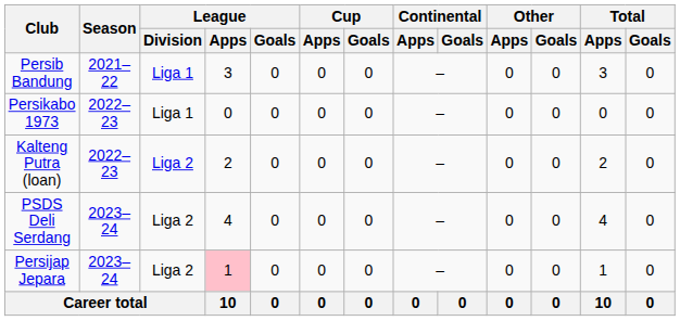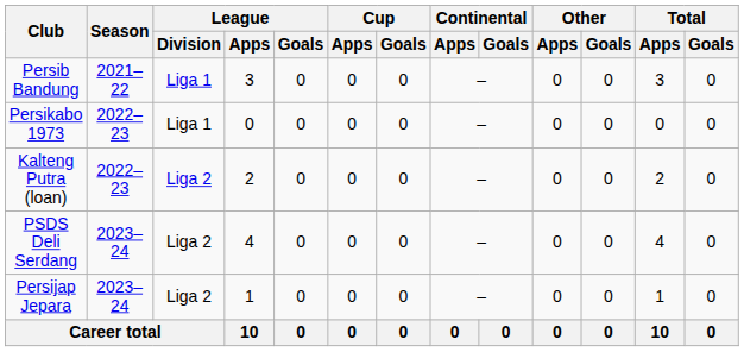 <table class="wikitable" style="text-align: center">
 <tr>
 <th rowspan="2">Club</th>
 <th rowspan="2">Season</th>
 <th colspan="3">League</th>
 <th colspan="2">Cup</th>
 <th colspan="2">Continental</th>
 <th colspan="2">Other</th>
 <th colspan="2">Total</th>
 </tr>
 <tr>
 <th>Division</th>
 <th>Apps</th>
 <th>Goals</th>
 <th>Apps</th>
 <th>Goals</th>
 <th>Apps</th>
 <th>Goals</th>
 <th>Apps</th>
 <th>Goals</th>
 <th>Apps</th>
 <th>Goals</th>
 </tr>
 <tr>
 <td rowspan="1"><a href='#'>Persib Bandung</a></td>
 <td><a href='#'>2021–22</a></td>
 <td rowspan="1" valign="center"><a href='#'>Liga 1</a></td>
 <td>3</td>
 <td>0</td>
 <td>0</td>
 <td>0</td>
 <td colspan="2">–</td>
 <td>0</td>
 <td>0</td>
 <td>3</td>
 <td>0</td>
 </tr>
 <tr>
 <td rowspan="1"><a href='#'>Persikabo 1973</a></td>
 <td><a href='#'>2022–23</a></td>
 <td rowspan="1">Liga 1</td>
 <td>0</td>
 <td>0</td>
 <td>0</td>
 <td>0</td>
 <td colspan="2">–</td>
 <td>0</td>
 <td>0</td>
 <td>0</td>
 <td>0</td>
 </tr>
 <tr>
 <td rowspan="1"><a href='#'>Kalteng Putra</a> (loan)</td>
 <td><a href='#'>2022–23</a></td>
 <td rowspan="1" valign="center"><a href='#'>Liga 2</a></td>
 <td>2</td>
 <td>0</td>
 <td>0</td>
 <td>0</td>
 <td colspan="2">–</td>
 <td>0</td>
 <td>0</td>
 <td>2</td>
 <td>0</td>
 </tr>
 <tr>
 <td rowspan="1"><a href='#'>PSDS Deli Serdang</a></td>
 <td><a href='#'>2023–24</a></td>
 <td rowspan="1" valign="center">Liga 2</td>
 <td>4</td>
 <td>0</td>
 <td>0</td>
 <td>0</td>
 <td colspan="2">–</td>
 <td>0</td>
 <td>0</td>
 <td>4</td>
 <td>0</td>
 </tr>
 <tr>
 <td rowspan="1"><a href='#'>Persijap Jepara</a></td>
 <td><a href='#'>2023–24</a></td>
 <td rowspan="1" valign="center">Liga 2</td>
-<td style="background: pink;">1</td>
+<td>1</td>
 <td>0</td>
 <td>0</td>
 <td>0</td>
 <td colspan="2">–</td>
 <td>0</td>
 <td>0</td>
 <td>1</td>
 <td>0</td>
 </tr>
 <tr>
 <th colspan=3>Career total</th>
 <th>10</th>
 <th>0</th>
 <th>0</th>
 <th>0</th>
 <th>0</th>
 <th>0</th>
 <th>0</th>
 <th>0</th>
 <th>10</th>
 <th>0</th>
 </tr>
 </table>
